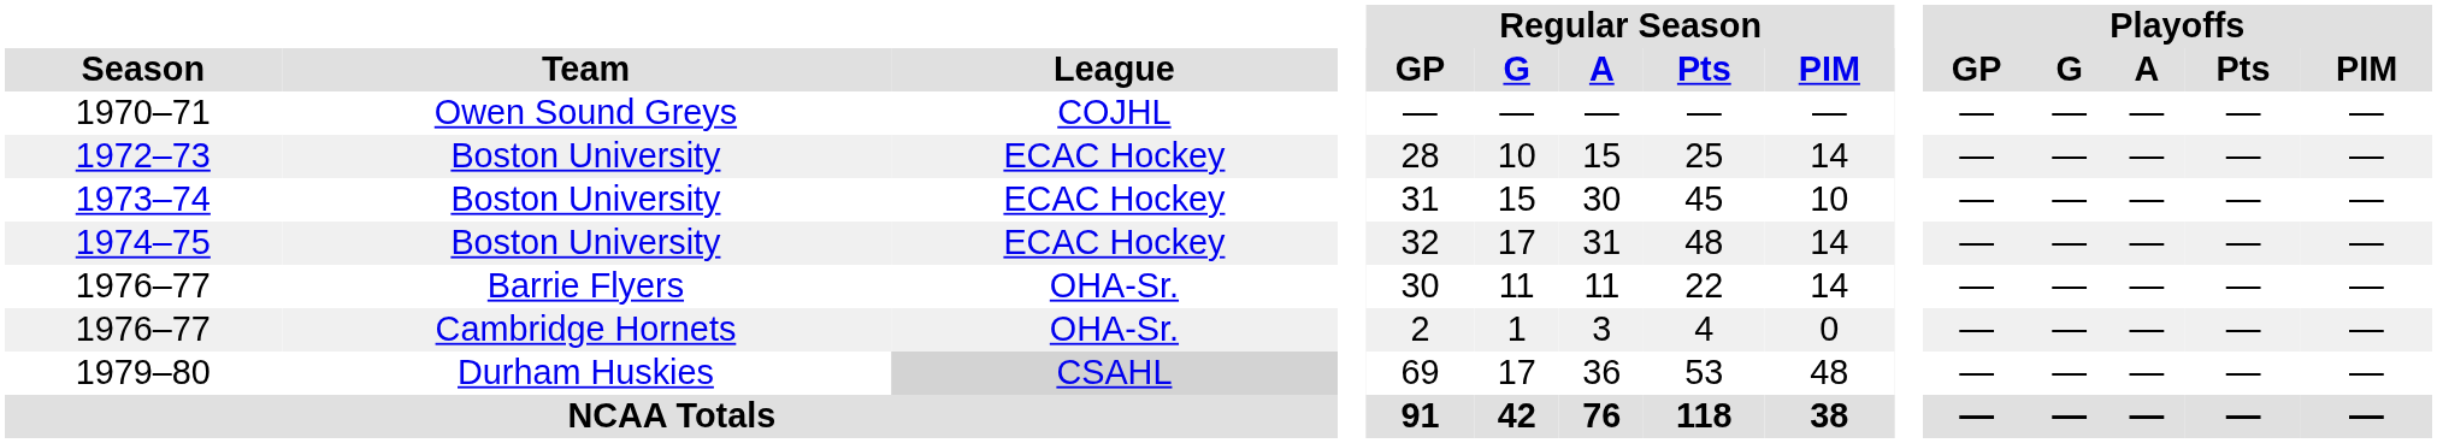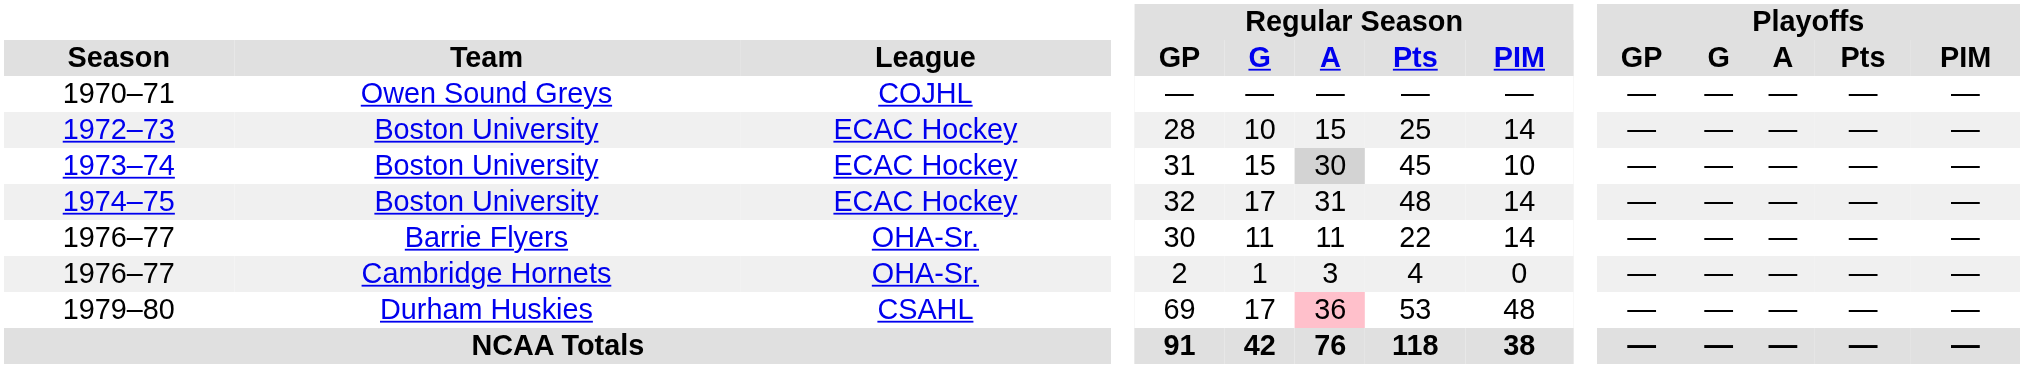 <table border="0" cellpadding="1" cellspacing="0" style="text-align:center; width:70em">
 <tr bgcolor="#e0e0e0">
 <th colspan="3"  bgcolor="#ffffff"> </th>
 <th rowspan="99" bgcolor="#ffffff"> </th>
 <th colspan="5">Regular Season</th>
 <th rowspan="99" bgcolor="#ffffff"> </th>
 <th colspan="5">Playoffs</th>
 </tr>
 <tr bgcolor="#e0e0e0">
 <th>Season</th>
 <th>Team</th>
 <th>League</th>
 <th>GP</th>
 <th><a href='#'>G</a></th>
 <th><a href='#'>A</a></th>
 <th><a href='#'>Pts</a></th>
 <th><a href='#'>PIM</a></th>
 <th>GP</th>
 <th>G</th>
 <th>A</th>
 <th>Pts</th>
 <th>PIM</th>
 </tr>
 <tr>
 <td>1970–71</td>
 <td><a href='#'>Owen Sound Greys</a></td>
 <td><a href='#'>COJHL</a></td>
 <td>—</td>
 <td>—</td>
 <td>—</td>
 <td>—</td>
 <td>—</td>
 <td>—</td>
 <td>—</td>
 <td>—</td>
 <td>—</td>
 <td>—</td>
 </tr>
 <tr bgcolor=f0f0f0>
 <td><a href='#'>1972–73</a></td>
 <td><a href='#'>Boston University</a></td>
 <td><a href='#'>ECAC Hockey</a></td>
 <td>28</td>
 <td>10</td>
 <td>15</td>
 <td>25</td>
 <td>14</td>
 <td>—</td>
 <td>—</td>
 <td>—</td>
 <td>—</td>
 <td>—</td>
 </tr>
 <tr>
 <td><a href='#'>1973–74</a></td>
 <td><a href='#'>Boston University</a></td>
 <td><a href='#'>ECAC Hockey</a></td>
 <td>31</td>
 <td>15</td>
-<td>30</td>
+<td style="background: lightgrey;">30</td>
 <td>45</td>
 <td>10</td>
 <td>—</td>
 <td>—</td>
 <td>—</td>
 <td>—</td>
 <td>—</td>
 </tr>
 <tr bgcolor=f0f0f0>
 <td><a href='#'>1974–75</a></td>
 <td><a href='#'>Boston University</a></td>
 <td><a href='#'>ECAC Hockey</a></td>
 <td>32</td>
 <td>17</td>
 <td>31</td>
 <td>48</td>
 <td>14</td>
 <td>—</td>
 <td>—</td>
 <td>—</td>
 <td>—</td>
 <td>—</td>
 </tr>
 <tr>
 <td>1976–77</td>
 <td><a href='#'>Barrie Flyers</a></td>
 <td><a href='#'>OHA-Sr.</a></td>
 <td>30</td>
 <td>11</td>
 <td>11</td>
 <td>22</td>
 <td>14</td>
 <td>—</td>
 <td>—</td>
 <td>—</td>
 <td>—</td>
 <td>—</td>
 </tr>
 <tr bgcolor=f0f0f0>
 <td>1976–77</td>
 <td><a href='#'>Cambridge Hornets</a></td>
 <td><a href='#'>OHA-Sr.</a></td>
 <td>2</td>
 <td>1</td>
 <td>3</td>
 <td>4</td>
 <td>0</td>
 <td>—</td>
 <td>—</td>
 <td>—</td>
 <td>—</td>
 <td>—</td>
 </tr>
 <tr>
 <td>1979–80</td>
 <td><a href='#'>Durham Huskies</a></td>
-<td style="background: lightgrey;"><a href='#'>CSAHL</a></td>
+<td><a href='#'>CSAHL</a></td>
 <td>69</td>
 <td>17</td>
-<td>36</td>
+<td style="background: pink;">36</td>
 <td>53</td>
 <td>48</td>
 <td>—</td>
 <td>—</td>
 <td>—</td>
 <td>—</td>
 <td>—</td>
 </tr>
 <tr bgcolor="#e0e0e0">
 <th colspan="3">NCAA Totals</th>
 <th>91</th>
 <th>42</th>
 <th>76</th>
 <th>118</th>
 <th>38</th>
 <th>—</th>
 <th>—</th>
 <th>—</th>
 <th>—</th>
 <th>—</th>
 </tr>
 </table>
